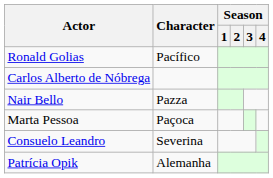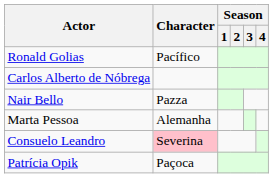 <table class="wikitable">
 <tr>
 <th rowspan="2">Actor</th>
 <th rowspan="2">Character</th>
 <th colspan="4">Season</th>
 </tr>
 <tr>
 <th>1<br></th>
 <th>2<br></th>
 <th>3<br></th>
 <th>4<br></th>
 </tr>
 <tr>
 <td><a href='#'>Ronald Golias</a></td>
 <td>Pacífico</td>
 <td colspan="4" style="background: #ddffdd" align="center"></td>
 </tr>
 <tr>
 <td><a href='#'>Carlos Alberto de Nóbrega</a></td>
 <td></td>
 <td colspan="4" style="background: #ddffdd" align="center"></td>
 </tr>
 <tr>
 <td><a href='#'>Nair Bello</a></td>
 <td>Pazza</td>
 <td colspan="2" style="background: #ddffdd" align="center"></td>
 <td colspan="2"></td>
 </tr>
 <tr>
 <td>Marta Pessoa</td>
-<td>Paçoca</td>
+<td>Alemanha</td>
 <td colspan="2"></td>
 <td colspan="1" style="background: #ddffdd" align="center"></td>
 <td></td>
 </tr>
 <tr>
 <td><a href='#'>Consuelo Leandro</a></td>
-<td>Severina</td>
+<td style="background: pink;">Severina</td>
 <td colspan="3"></td>
 <td style="background: #ddffdd" align="center"></td>
 </tr>
 <tr>
 <td><a href='#'>Patrícia Opik</a></td>
-<td>Alemanha</td>
+<td>Paçoca</td>
 <td colspan="4" style="background: #ddffdd" align="center"></td>
 </tr>
 </table>
